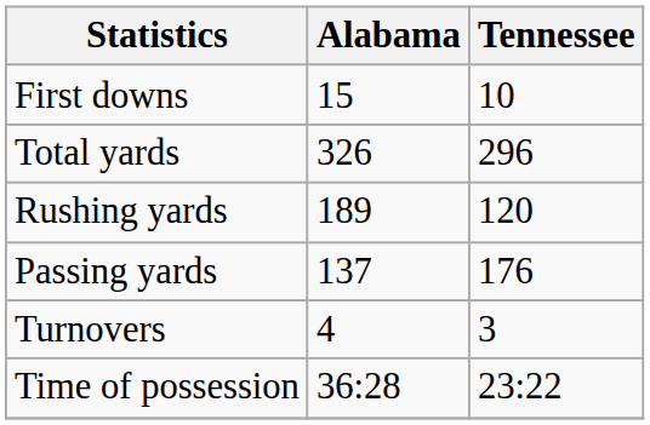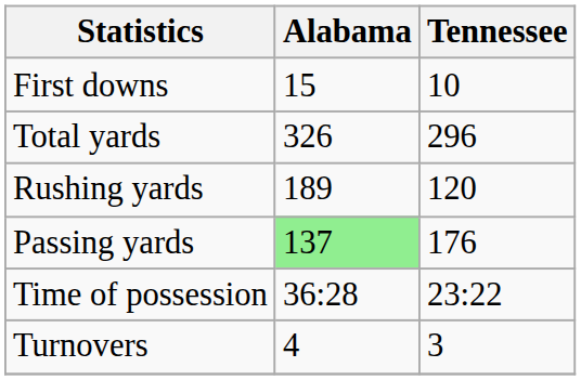 <table class="wikitable" style="float: left;">
 <tr>
 <th>Statistics</th>
 <th>Alabama</th>
 <th>Tennessee</th>
 </tr>
 <tr>
 <td>First downs</td>
 <td>15</td>
 <td>10</td>
 </tr>
 <tr>
 <td>Total yards</td>
 <td>326</td>
 <td>296</td>
 </tr>
 <tr>
 <td>Rushing yards</td>
 <td>189</td>
 <td>120</td>
 </tr>
 <tr>
 <td>Passing yards</td>
-<td>137</td>
+<td style="background: lightgreen;">137</td>
 <td>176</td>
+</tr>
+<tr>
+<td>Time of possession</td>
+<td>36:28</td>
+<td>23:22</td>
 </tr>
 <tr>
 <td>Turnovers</td>
 <td>4</td>
 <td>3</td>
 </tr>
 <tr>
-<td>Time of possession</td>
-<td>36:28</td>
-<td>23:22</td>
-</tr>
-<tr>
 </tr>
 </table>
